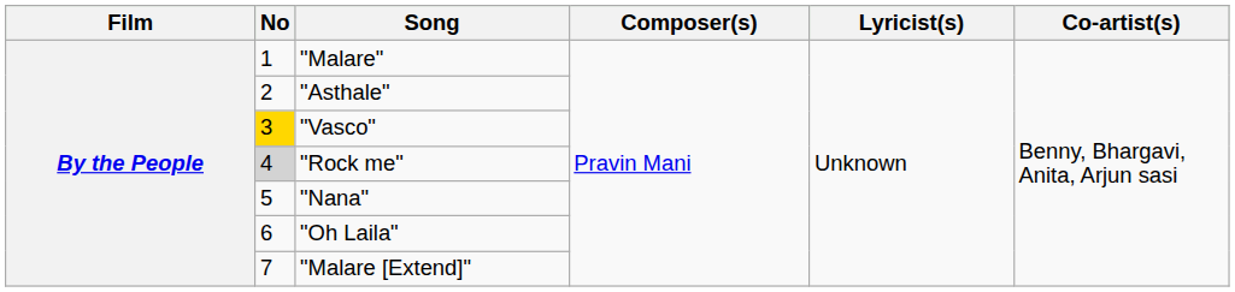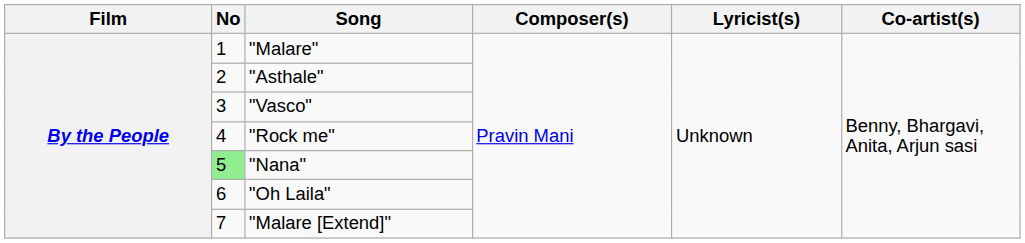 <table class="wikitable plainrowheaders" width="100%" textcolor:#000;">
 <tr style="background:#cfc; text-align:center;">
 <th scope="col" width=21%>Film</th>
 <th>No</th>
 <th scope="col" width=23%>Song</th>
 <th scope="col" width=20%>Composer(s)</th>
 <th scope="col" width=17%>Lyricist(s)</th>
 <th scope="col" width=18%>Co-artist(s)</th>
 </tr>
 <tr>
 <th scope="row" rowspan="7"><em><a href='#'>By the People</a></em></th>
 <td>1</td>
 <td>"Malare"</td>
 <td rowspan="7"><a href='#'>Pravin Mani</a></td>
 <td rowspan="7">Unknown</td>
 <td rowspan="7">Benny, Bhargavi, Anita, Arjun sasi</td>
 </tr>
 <tr>
 <td>2</td>
 <td>"Asthale"</td>
 </tr>
 <tr>
-<td style="background: gold;">3</td>
+<td>3</td>
 <td>"Vasco"</td>
 </tr>
 <tr>
-<td style="background: lightgrey;">4</td>
+<td>4</td>
 <td>"Rock me"</td>
 </tr>
 <tr>
-<td>5</td>
+<td style="background: lightgreen;">5</td>
 <td>"Nana"</td>
 </tr>
 <tr>
 <td>6</td>
 <td>"Oh Laila"</td>
 </tr>
 <tr>
 <td>7</td>
 <td>"Malare [Extend]"</td>
 </tr>
 </table>
